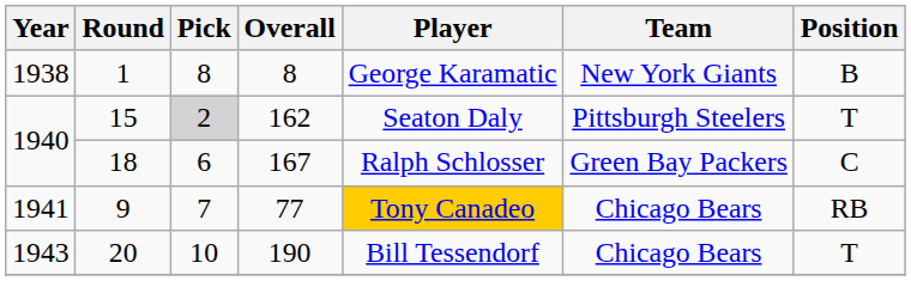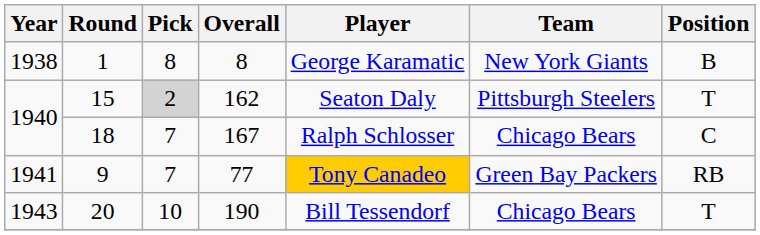 <table class="wikitable sortable" style="text-align: center;">
 <tr>
 <th>Year</th>
 <th>Round</th>
 <th>Pick</th>
 <th>Overall</th>
 <th>Player</th>
 <th>Team</th>
 <th>Position</th>
 </tr>
 <tr>
 <td>1938</td>
 <td>1</td>
 <td>8</td>
 <td>8</td>
 <td><a href='#'>George Karamatic</a></td>
 <td><a href='#'>New York Giants</a></td>
 <td>B</td>
 </tr>
 <tr>
 <td rowspan="2">1940</td>
 <td>15</td>
 <td style="background: lightgrey;">2</td>
 <td>162</td>
 <td><a href='#'>Seaton Daly</a></td>
 <td><a href='#'>Pittsburgh Steelers</a></td>
 <td>T</td>
 </tr>
 <tr>
 <td>18</td>
-<td>6</td>
+<td>7</td>
 <td>167</td>
 <td><a href='#'>Ralph Schlosser</a></td>
-<td><a href='#'>Green Bay Packers</a></td>
+<td><a href='#'>Chicago Bears</a></td>
 <td>C</td>
 </tr>
 <tr>
 <td>1941</td>
 <td>9</td>
 <td>7</td>
 <td>77</td>
 <td style="background-color:#FFCC00"><a href='#'>Tony Canadeo</a></td>
-<td><a href='#'>Chicago Bears</a></td>
+<td><a href='#'>Green Bay Packers</a></td>
 <td>RB</td>
 </tr>
 <tr>
 <td>1943</td>
 <td>20</td>
 <td>10</td>
 <td>190</td>
 <td><a href='#'>Bill Tessendorf</a></td>
 <td><a href='#'>Chicago Bears</a></td>
 <td>T</td>
 </tr>
 <tr>
 </tr>
 </table>
